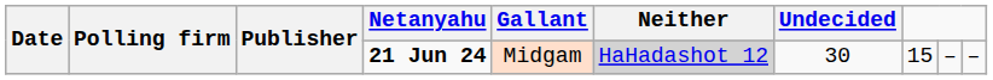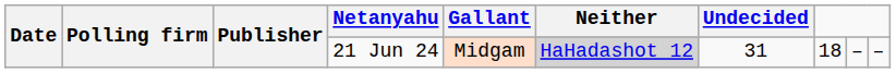 <table class="wikitable sortable" style="text-align:center; font-size:90%; line-height:13px">
 <tr>
 <th rowspan=2>Date</th>
 <th rowspan=2>Polling firm</th>
 <th rowspan=2>Publisher</th>
 <th><a href='#'>Netanyahu</a></th>
 <th><a href='#'>Gallant</a></th>
 <th>Neither</th>
 <th><a href='#'>Undecided</a></th>
 </tr>
 <tr>
-<td data-sort-value=2024-06-21><strong>21 Jun 24</strong></td>
+<td data-sort-value=2024-06-21>21 Jun 24</td>
 <td style=background:#FFDFCC>Midgam</td>
 <td style="background: lightgrey;"><a href='#'>HaHadashot 12</a></td>
-<td>30					</td>
-<td>15					</td>
+<td>31					</td>
+<td>18					</td>
 <td>–					</td>
 <td>–					</td>
 </tr>
 </table>
